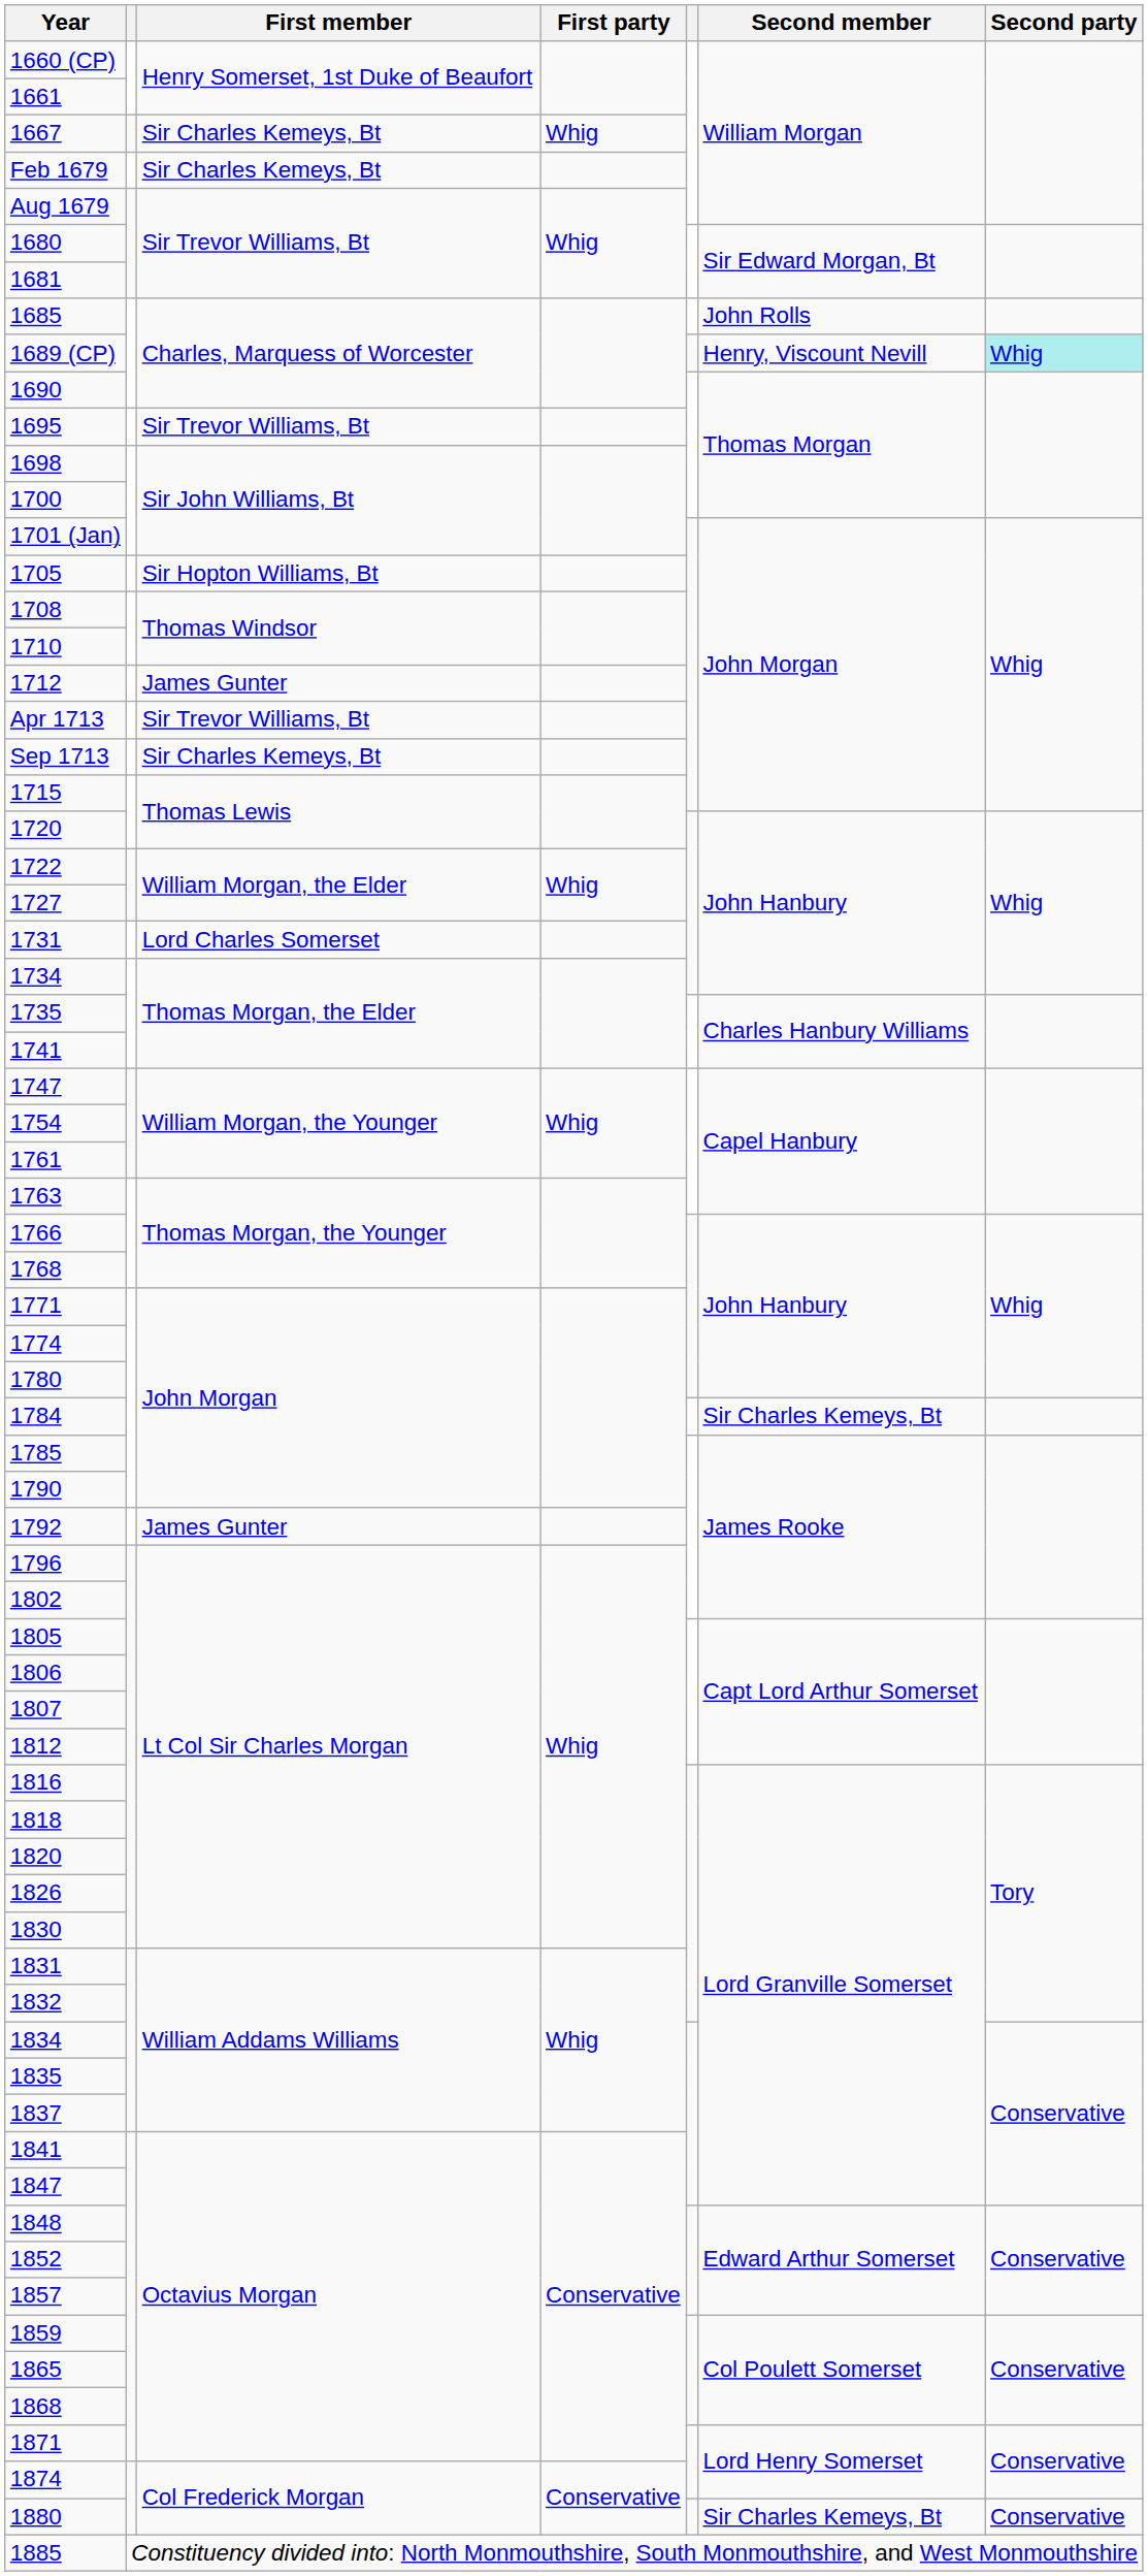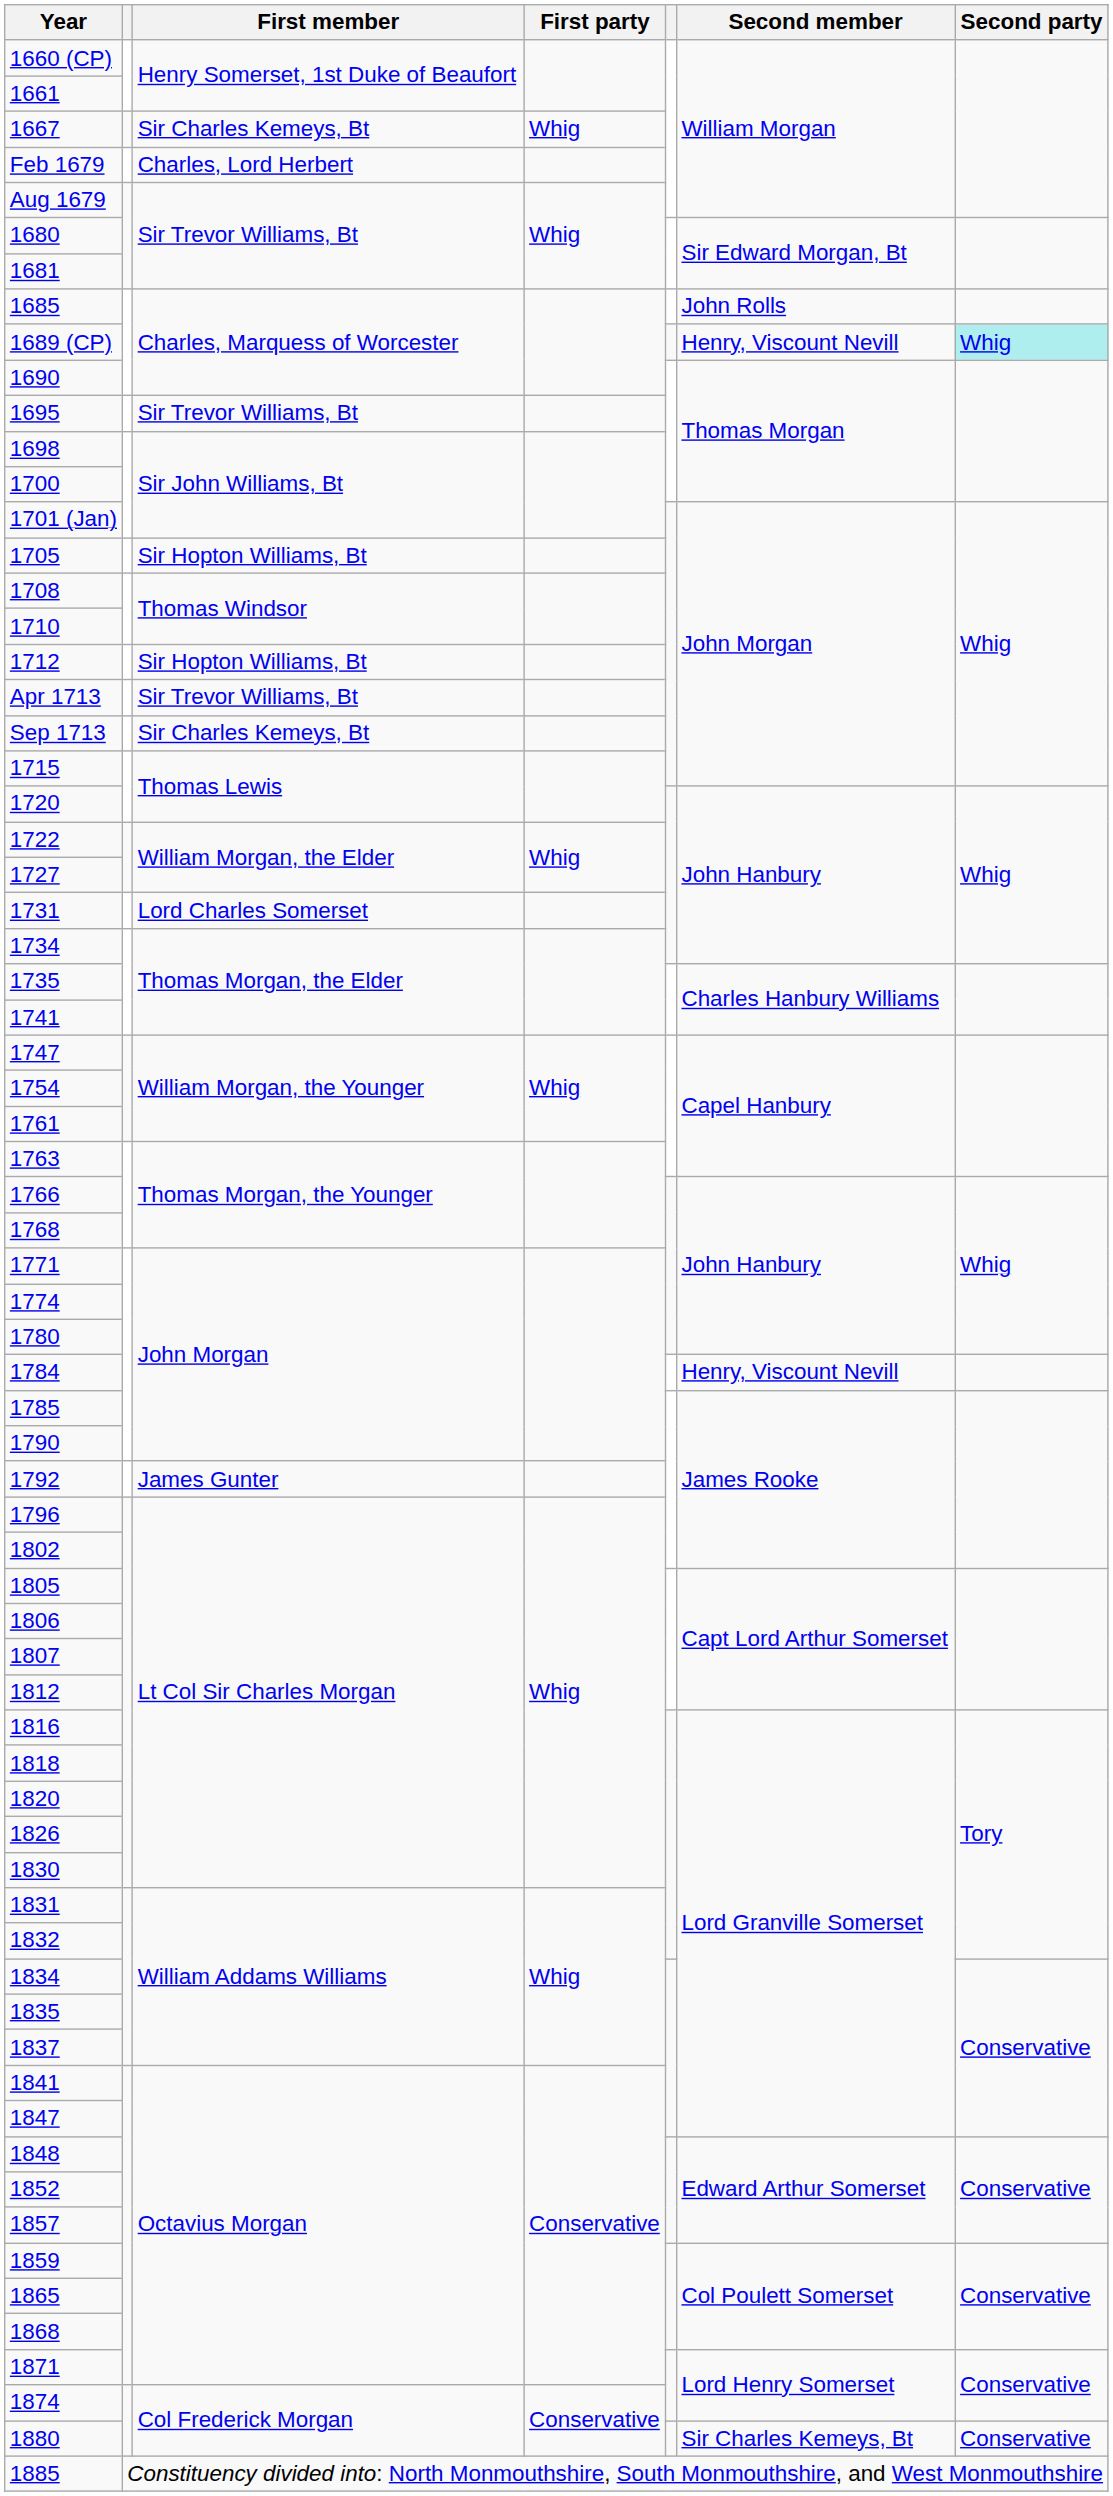 <table class="wikitable">
 <tr>
 <th>Year</th>
 <th></th>
 <th>First member</th>
 <th>First party</th>
 <th></th>
 <th>Second member</th>
 <th>Second party</th>
 </tr>
 <tr>
 <td><a href='#'>1660 (CP)</a></td>
 <td rowspan="2" style="color:inherit;background-color: white"></td>
 <td rowspan="2"><a href='#'>Henry Somerset, 1st Duke of Beaufort</a></td>
 <td rowspan="2"></td>
 <td rowspan="5" style="color:inherit;background-color: white"></td>
 <td rowspan="5"><a href='#'>William Morgan</a></td>
 <td rowspan="5"></td>
 </tr>
 <tr>
 <td><a href='#'>1661</a></td>
 </tr>
 <tr>
 <td><a href='#'>1667</a></td>
 <td style="color:inherit;background-color: "></td>
 <td><a href='#'>Sir Charles Kemeys, Bt</a></td>
 <td><a href='#'>Whig</a>   </td>
 </tr>
 <tr>
 <td><a href='#'>Feb 1679</a></td>
 <td style="color:inherit;background-color: white"></td>
-<td><a href='#'>Sir Charles Kemeys, Bt</a></td>
+<td><a href='#'>Charles, Lord Herbert</a></td>
 <td></td>
 </tr>
 <tr>
 <td><a href='#'>Aug 1679</a></td>
 <td rowspan="3" style="color:inherit;background-color: "></td>
 <td rowspan="3"><a href='#'>Sir Trevor Williams, Bt</a></td>
 <td rowspan="3"><a href='#'>Whig</a></td>
 </tr>
 <tr>
 <td><a href='#'>1680</a></td>
 <td rowspan="2" style="color:inherit;background-color: white"></td>
 <td rowspan="2"><a href='#'>Sir Edward Morgan, Bt</a></td>
 <td rowspan="2"></td>
 </tr>
 <tr>
 <td><a href='#'>1681</a></td>
 </tr>
 <tr>
 <td><a href='#'>1685</a></td>
 <td rowspan="3"  style="color:inherit;background-color: white"></td>
 <td rowspan="3"><a href='#'>Charles, Marquess of Worcester</a></td>
 <td rowspan="3"></td>
 <td style="color:inherit;background-color: white"></td>
 <td><a href='#'>John Rolls</a></td>
 <td> </td>
 </tr>
 <tr>
 <td><a href='#'>1689 (CP)</a></td>
 <td style="color:inherit;background-color: "></td>
 <td><a href='#'>Henry, Viscount Nevill</a></td>
 <td style="background: paleturquoise;"><a href='#'>Whig</a></td>
 </tr>
 <tr>
 <td><a href='#'>1690</a></td>
 <td rowspan="4" style="color:inherit;background-color: white"></td>
 <td rowspan="4"><a href='#'>Thomas Morgan</a></td>
 <td rowspan="4"> </td>
 </tr>
 <tr>
 <td><a href='#'>1695</a></td>
 <td style="color:inherit;background-color: white"></td>
 <td><a href='#'>Sir Trevor Williams, Bt</a></td>
 <td></td>
 </tr>
 <tr>
 <td><a href='#'>1698</a></td>
 <td rowspan="3" style="color:inherit;background-color: white"></td>
 <td rowspan="3"><a href='#'>Sir John Williams, Bt</a></td>
 <td rowspan="3">  </td>
 </tr>
 <tr>
 <td><a href='#'>1700</a></td>
 </tr>
 <tr>
 <td><a href='#'>1701 (Jan)</a></td>
 <td rowspan="8" style="color:inherit;background-color: "></td>
 <td rowspan="8"><a href='#'>John Morgan</a></td>
 <td rowspan="8"><a href='#'>Whig</a>  </td>
 </tr>
 <tr>
 <td><a href='#'>1705</a></td>
 <td style="color:inherit;background-color: white"></td>
 <td><a href='#'>Sir Hopton Williams, Bt</a></td>
 <td></td>
 </tr>
 <tr>
 <td><a href='#'>1708</a></td>
 <td rowspan="2" style="color:inherit;background-color: white"></td>
 <td rowspan="2"><a href='#'>Thomas Windsor</a></td>
 <td rowspan="2"></td>
 </tr>
 <tr>
 <td><a href='#'>1710</a></td>
 </tr>
 <tr>
 <td><a href='#'>1712</a></td>
 <td style="color:inherit;background-color: white"></td>
-<td><a href='#'>James Gunter</a></td>
+<td><a href='#'>Sir Hopton Williams, Bt</a></td>
 <td></td>
 </tr>
 <tr>
 <td><a href='#'>Apr 1713</a></td>
 <td style="color:inherit;background-color: white"></td>
 <td><a href='#'>Sir Trevor Williams, Bt</a></td>
 <td></td>
 </tr>
 <tr>
 <td><a href='#'>Sep 1713</a></td>
 <td style="color:inherit;background-color: white"></td>
 <td><a href='#'>Sir Charles Kemeys, Bt</a></td>
 <td></td>
 </tr>
 <tr>
 <td><a href='#'>1715</a></td>
 <td rowspan="2" style="color:inherit;background-color: white"></td>
 <td rowspan="2"><a href='#'>Thomas Lewis</a></td>
 <td rowspan="2"></td>
 </tr>
 <tr>
 <td><a href='#'>1720</a></td>
 <td rowspan="5" style="color:inherit;background-color: "></td>
 <td rowspan="5"><a href='#'>John Hanbury</a></td>
 <td rowspan="5"><a href='#'>Whig</a> </td>
 </tr>
 <tr>
 <td><a href='#'>1722</a></td>
 <td rowspan="2" style="color:inherit;background-color: "></td>
 <td rowspan="2"><a href='#'>William Morgan, the Elder</a></td>
 <td rowspan="2"><a href='#'>Whig</a></td>
 </tr>
 <tr>
 <td><a href='#'>1727</a></td>
 </tr>
 <tr>
 <td><a href='#'>1731</a></td>
 <td style="color:inherit;background-color: white"></td>
 <td><a href='#'>Lord Charles Somerset</a></td>
 <td></td>
 </tr>
 <tr>
 <td><a href='#'>1734</a></td>
 <td rowspan="3" style="color:inherit;background-color: white"></td>
 <td rowspan="3"><a href='#'>Thomas Morgan, the Elder</a></td>
 <td rowspan="3"></td>
 </tr>
 <tr>
 <td><a href='#'>1735</a></td>
 <td rowspan="2" style="color:inherit;background-color: white"></td>
 <td rowspan="2"><a href='#'>Charles Hanbury Williams</a></td>
 <td rowspan="2"></td>
 </tr>
 <tr>
 <td><a href='#'>1741</a></td>
 </tr>
 <tr>
 <td><a href='#'>1747</a></td>
 <td rowspan="3" style="color:inherit;background-color: "></td>
 <td rowspan="3"><a href='#'>William Morgan, the Younger</a></td>
 <td rowspan="3"><a href='#'>Whig</a></td>
 <td rowspan="4" style="color:inherit;background-color: white"></td>
 <td rowspan="4"><a href='#'>Capel Hanbury</a></td>
 <td rowspan="4"> </td>
 </tr>
 <tr>
 <td><a href='#'>1754</a></td>
 </tr>
 <tr>
 <td><a href='#'>1761</a></td>
 </tr>
 <tr>
 <td><a href='#'>1763</a></td>
 <td rowspan="3" style="color:inherit;background-color: white"></td>
 <td rowspan="3"><a href='#'>Thomas Morgan, the Younger</a></td>
 <td rowspan="3"></td>
 </tr>
 <tr>
 <td><a href='#'>1766</a></td>
 <td rowspan="5" style="color:inherit;background-color: "></td>
 <td rowspan="5"><a href='#'>John Hanbury</a></td>
 <td rowspan="5"><a href='#'>Whig</a></td>
 </tr>
 <tr>
 <td><a href='#'>1768</a></td>
 </tr>
 <tr>
 <td><a href='#'>1771</a></td>
 <td rowspan="6" style="color:inherit;background-color: white"></td>
 <td rowspan="6"><a href='#'>John Morgan</a></td>
 <td rowspan="6"></td>
 </tr>
 <tr>
 <td><a href='#'>1774</a></td>
 </tr>
 <tr>
 <td><a href='#'>1780</a></td>
 </tr>
 <tr>
 <td><a href='#'>1784</a></td>
 <td style="color:inherit;background-color: white"></td>
-<td><a href='#'>Sir Charles Kemeys, Bt</a></td>
+<td><a href='#'>Henry, Viscount Nevill</a></td>
 <td></td>
 </tr>
 <tr>
 <td><a href='#'>1785</a></td>
 <td rowspan="5" style="color:inherit;background-color: white"></td>
 <td rowspan="5"><a href='#'>James Rooke</a></td>
 <td rowspan="5"> </td>
 </tr>
 <tr>
 <td><a href='#'>1790</a></td>
 </tr>
 <tr>
 <td><a href='#'>1792</a></td>
 <td style="color:inherit;background-color: white"></td>
 <td><a href='#'>James Gunter</a></td>
 <td></td>
 </tr>
 <tr>
 <td><a href='#'>1796</a></td>
 <td rowspan="11" style="color:inherit;background-color: "></td>
 <td rowspan="11"><a href='#'>Lt Col Sir Charles Morgan</a></td>
 <td rowspan="11"><a href='#'>Whig</a></td>
 </tr>
 <tr>
 <td><a href='#'>1802</a></td>
 </tr>
 <tr>
 <td><a href='#'>1805</a></td>
 <td rowspan="4" style="color:inherit;background-color: white"></td>
 <td rowspan="4"><a href='#'>Capt Lord Arthur Somerset</a></td>
 <td rowspan="4"> </td>
 </tr>
 <tr>
 <td><a href='#'>1806</a></td>
 </tr>
 <tr>
 <td><a href='#'>1807</a></td>
 </tr>
 <tr>
 <td><a href='#'>1812</a></td>
 </tr>
 <tr>
 <td><a href='#'>1816</a></td>
 <td rowspan="7" style="color:inherit;background-color: "></td>
 <td rowspan="12"><a href='#'>Lord Granville Somerset</a></td>
 <td rowspan="7"><a href='#'>Tory</a> </td>
 </tr>
 <tr>
 <td><a href='#'>1818</a></td>
 </tr>
 <tr>
 <td><a href='#'>1820</a></td>
 </tr>
 <tr>
 <td><a href='#'>1826</a></td>
 </tr>
 <tr>
 <td><a href='#'>1830</a></td>
 </tr>
 <tr>
 <td><a href='#'>1831</a></td>
 <td rowspan="5" style="color:inherit;background-color: "></td>
 <td rowspan="5"><a href='#'>William Addams Williams</a></td>
 <td rowspan="5"><a href='#'>Whig</a> </td>
 </tr>
 <tr>
 <td><a href='#'>1832</a></td>
 </tr>
 <tr>
 <td><a href='#'>1834</a></td>
 <td rowspan="5" style="color:inherit;background-color: "></td>
 <td rowspan="5"><a href='#'>Conservative</a></td>
 </tr>
 <tr>
 <td><a href='#'>1835</a></td>
 </tr>
 <tr>
 <td><a href='#'>1837</a></td>
 </tr>
 <tr>
 <td><a href='#'>1841</a></td>
 <td rowspan="9" style="color:inherit;background-color: "></td>
 <td rowspan="9"><a href='#'>Octavius Morgan</a></td>
 <td rowspan="9"><a href='#'>Conservative</a> </td>
 </tr>
 <tr>
 <td><a href='#'>1847</a></td>
 </tr>
 <tr>
 <td><a href='#'>1848</a></td>
 <td rowspan="3" style="color:inherit;background-color: "></td>
 <td rowspan="3"><a href='#'>Edward Arthur Somerset</a></td>
 <td rowspan="3"><a href='#'>Conservative</a></td>
 </tr>
 <tr>
 <td><a href='#'>1852</a></td>
 </tr>
 <tr>
 <td><a href='#'>1857</a></td>
 </tr>
 <tr>
 <td><a href='#'>1859</a></td>
 <td rowspan="3" style="color:inherit;background-color: "></td>
 <td rowspan="3"><a href='#'>Col Poulett Somerset</a></td>
 <td rowspan="3"><a href='#'>Conservative</a> </td>
 </tr>
 <tr>
 <td><a href='#'>1865</a></td>
 </tr>
 <tr>
 <td><a href='#'>1868</a></td>
 </tr>
 <tr>
 <td><a href='#'>1871</a></td>
 <td rowspan="2" style="color:inherit;background-color: "></td>
 <td rowspan="2"><a href='#'>Lord Henry Somerset</a></td>
 <td rowspan="2"><a href='#'>Conservative</a> </td>
 </tr>
 <tr>
 <td><a href='#'>1874</a></td>
 <td rowspan="2" style="color:inherit;background-color: "></td>
 <td rowspan="2"><a href='#'>Col Frederick Morgan</a></td>
 <td rowspan="2"><a href='#'>Conservative</a> </td>
 </tr>
 <tr>
 <td><a href='#'>1880</a></td>
 <td style="color:inherit;background-color: "></td>
 <td><a href='#'>Sir Charles Kemeys, Bt</a></td>
 <td><a href='#'>Conservative</a></td>
 </tr>
 <tr>
 <td><a href='#'>1885</a></td>
 <td colspan="6"><em>Constituency divided into</em>: <a href='#'>North Monmouthshire</a>, <a href='#'>South Monmouthshire</a>, and <a href='#'>West Monmouthshire</a></td>
 </tr>
 </table>
